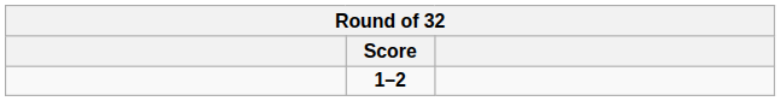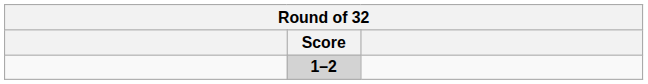 <table class="wikitable" style="text-align: center; font-size:90% ">
 <tr>
 <th colspan=3>Round of 32</th>
 </tr>
 <tr>
 <th align="right" width="250"></th>
 <th width="60">Score</th>
 <th align="left" width="250"></th>
 </tr>
 <tr>
 <td align=left></td>
-<td align=center><strong>1–2</strong></td>
+<td align=center style="background: lightgrey;"><strong>1–2</strong></td>
 <td align=left><strong></strong></td>
 </tr>
 </table>
